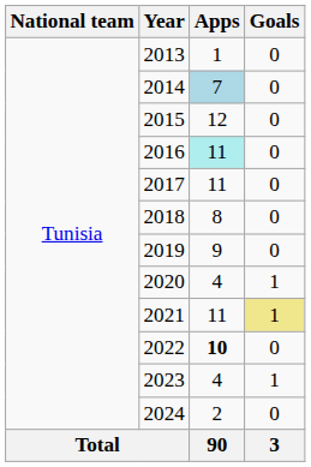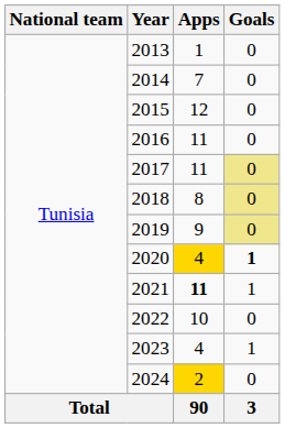 <table class="wikitable" style="text-align:center">
 <tr>
 <th>National team</th>
 <th>Year</th>
 <th>Apps</th>
 <th>Goals</th>
 </tr>
 <tr>
 <td rowspan="12"><a href='#'>Tunisia</a></td>
 <td>2013</td>
 <td>1</td>
 <td>0</td>
 </tr>
 <tr>
 <td>2014</td>
-<td style="background: lightblue;">7</td>
+<td>7</td>
 <td>0</td>
 </tr>
 <tr>
 <td>2015</td>
 <td>12</td>
 <td>0</td>
 </tr>
 <tr>
 <td>2016</td>
-<td style="background: paleturquoise;">11</td>
+<td>11</td>
 <td>0</td>
 </tr>
 <tr>
 <td>2017</td>
 <td>11</td>
-<td>0</td>
+<td style="background: khaki;">0</td>
 </tr>
 <tr>
 <td>2018</td>
 <td>8</td>
-<td>0</td>
+<td style="background: khaki;">0</td>
 </tr>
 <tr>
 <td>2019</td>
 <td>9</td>
-<td>0</td>
+<td style="background: khaki;">0</td>
 </tr>
 <tr>
 <td>2020</td>
-<td>4</td>
+<td style="background: gold;">4</td>
+<td><strong>1</strong></td>
+</tr>
+<tr>
+<td>2021</td>
+<td><strong>11</strong></td>
 <td>1</td>
 </tr>
 <tr>
-<td>2021</td>
-<td>11</td>
-<td style="background: khaki;">1</td>
-</tr>
-<tr>
 <td>2022</td>
-<td><strong>10</strong></td>
+<td>10</td>
 <td>0</td>
 </tr>
 <tr>
 <td>2023</td>
 <td>4</td>
 <td>1</td>
 </tr>
 <tr>
 <td>2024</td>
-<td>2</td>
+<td style="background: gold;">2</td>
 <td>0</td>
 </tr>
 <tr>
 <th colspan="2">Total</th>
 <th>90</th>
 <th>3</th>
 </tr>
 </table>
